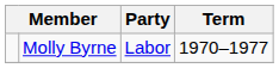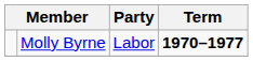 <table class="wikitable">
 <tr>
 <th colspan="2">Member</th>
 <th>Party</th>
 <th>Term</th>
 </tr>
 <tr>
 <td> </td>
 <td><a href='#'>Molly Byrne</a></td>
 <td><a href='#'>Labor</a></td>
-<td>1970–1977</td>
+<td><strong>1970–1977</strong></td>
 </tr>
 <tr>
 </tr>
 </table>
